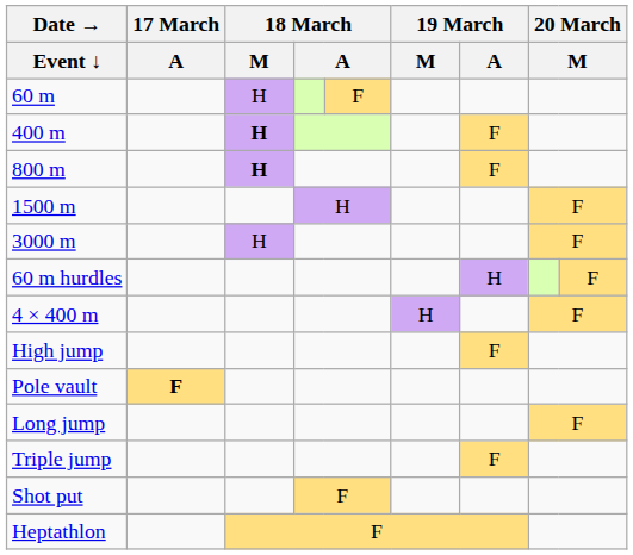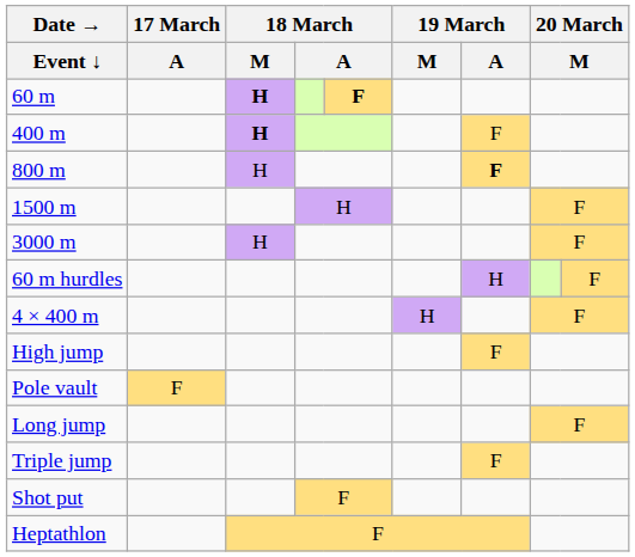 <table class="wikitable" style="margin:0.5em auto; font-size:90%; line-height:1.25em">
 <tr align="center">
 <th>Date   →</th>
 <th width="60px">17 March</th>
 <th width="40px" colspan=3>18 March</th>
 <th width="40px" colspan="2">19 March</th>
 <th width="40px" colspan="2">20 March</th>
 </tr>
 <tr>
 <th>Event ↓</th>
 <th width="60px">A</th>
 <th width="40px">M</th>
 <th width="60px" colspan=2>A</th>
 <th width="40px">M</th>
 <th width="40px">A</th>
 <th width="60px" colspan="2">M</th>
 </tr>
 <tr align="center">
 <td align="left"><a href='#'>60 m</a></td>
 <td></td>
-<td bgcolor="#D0A9F5">H</td>
+<td bgcolor="#D0A9F5"><strong>H</strong></td>
 <td bgcolor="#D9FFB2"></td>
-<td bgcolor="#FFDF80">F</td>
+<td bgcolor="#FFDF80"><strong>F</strong></td>
 <td></td>
 <td></td>
 <td colspan="2"></td>
 </tr>
 <tr align="center">
 <td align="left"><a href='#'>400 m</a></td>
 <td></td>
 <td bgcolor="#D0A9F5"><strong>H</strong></td>
 <td colspan=2 bgcolor="#D9FFB2"></td>
 <td></td>
 <td bgcolor="#FFDF80">F</td>
 <td colspan="2"></td>
 </tr>
 <tr align="center">
 <td align="left"><a href='#'>800 m</a></td>
 <td></td>
-<td bgcolor="#D0A9F5"><strong>H</strong></td>
+<td bgcolor="#D0A9F5">H</td>
 <td colspan=2></td>
 <td></td>
-<td bgcolor="#FFDF80">F</td>
+<td bgcolor="#FFDF80"><strong>F</strong></td>
 <td colspan="2"></td>
 </tr>
 <tr align="center">
 <td align="left"><a href='#'>1500 m</a></td>
 <td></td>
 <td></td>
 <td bgcolor="#D0A9F5" colspan=2>H</td>
 <td></td>
 <td></td>
 <td bgcolor="#FFDF80" colspan="2">F</td>
 </tr>
 <tr align="center">
 <td align="left"><a href='#'>3000 m</a></td>
 <td></td>
 <td bgcolor="#D0A9F5">H</td>
 <td colspan=2></td>
 <td></td>
 <td></td>
 <td bgcolor="#FFDF80" colspan="2">F</td>
 </tr>
 <tr align="center">
 <td align="left"><a href='#'>60 m hurdles</a></td>
 <td></td>
 <td></td>
 <td colspan=2></td>
 <td></td>
 <td bgcolor="#D0A9F5">H</td>
 <td bgcolor="#D9FFB2"></td>
 <td bgcolor="#FFDF80">F</td>
 </tr>
 <tr align="center">
 <td align="left"><a href='#'>4 × 400 m</a></td>
 <td></td>
 <td></td>
 <td colspan=2></td>
 <td bgcolor="#D0A9F5">H</td>
 <td></td>
 <td bgcolor="#FFDF80" colspan="2">F</td>
 </tr>
 <tr align="center">
 <td align="left"><a href='#'>High jump</a></td>
 <td></td>
 <td></td>
 <td colspan=2></td>
 <td></td>
 <td bgcolor="#FFDF80">F</td>
 <td colspan="2"></td>
 </tr>
 <tr align="center">
 <td align="left"><a href='#'>Pole vault</a></td>
-<td bgcolor="#FFDF80"><strong>F</strong></td>
+<td bgcolor="#FFDF80">F</td>
 <td></td>
 <td colspan=2></td>
 <td></td>
 <td></td>
 <td colspan="2"></td>
 </tr>
 <tr align="center">
 <td align="left"><a href='#'>Long jump</a></td>
 <td></td>
 <td></td>
 <td colspan=2></td>
 <td></td>
 <td></td>
 <td bgcolor="#FFDF80" colspan="2">F</td>
 </tr>
 <tr align="center">
 <td align="left"><a href='#'>Triple jump</a></td>
 <td></td>
 <td></td>
 <td colspan=2></td>
 <td></td>
 <td bgcolor="#FFDF80">F</td>
 <td colspan="2"></td>
 </tr>
 <tr align="center">
 <td align="left"><a href='#'>Shot put</a></td>
 <td></td>
 <td></td>
 <td bgcolor="#FFDF80" colspan=2>F</td>
 <td></td>
 <td></td>
 <td colspan="2"></td>
 </tr>
 <tr align="center">
 <td align="left"><a href='#'>Heptathlon</a></td>
 <td></td>
 <td bgcolor="#FFDF80" colspan=5>F</td>
 <td colspan="2"></td>
 </tr>
 </table>
